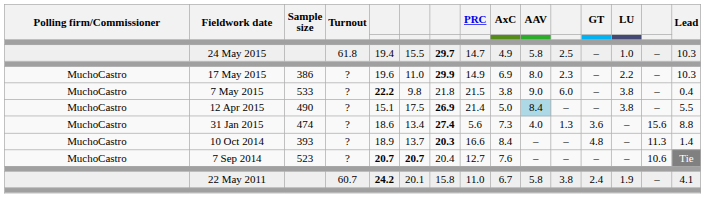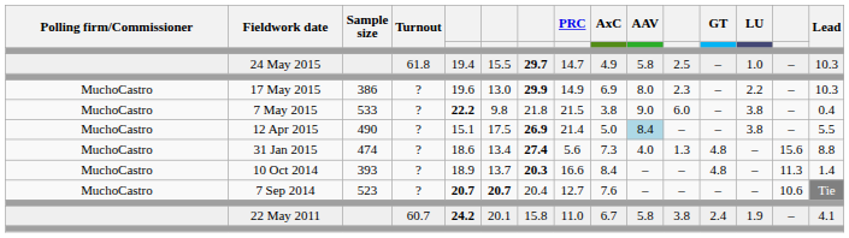 <table class="wikitable collapsible collapsed" style="text-align:center; font-size:95%; line-height:16px;">
 <tr style="height:42px;">
 <th style="width:250px;" rowspan="2">Polling firm/Commissioner</th>
 <th style="width:125px;" rowspan="2">Fieldwork date</th>
 <th style="width:50px;" rowspan="2">Sample size</th>
 <th style="width:45px;" rowspan="2">Turnout</th>
 <th style="width:35px;"></th>
 <th style="width:35px;"></th>
 <th style="width:35px;"></th>
 <th style="width:35px;"><a href='#'>PRC</a></th>
 <th style="width:35px;">AxC</th>
 <th style="width:35px;">AAV</th>
 <th style="width:35px;"></th>
 <th style="width:35px;">GT</th>
 <th style="width:35px;">LU</th>
 <th style="width:35px;"></th>
 <th style="width:30px;" rowspan="2">Lead</th>
 </tr>
 <tr>
 <th style="color:inherit;background:"></th>
 <th style="color:inherit;background:"></th>
 <th style="color:inherit;background:"></th>
 <th style="color:inherit;background:"></th>
 <th style="color:inherit;background:#538C17;"></th>
 <th style="color:inherit;background:#2BAD29;"></th>
 <th style="color:inherit;background:"></th>
 <th style="color:inherit;background:#02B3F4;"></th>
 <th style="color:inherit;background:#444875;"></th>
 <th style="color:inherit;background:"></th>
 </tr>
 <tr>
 <td colspan="15" style="background:#A0A0A0"></td>
 </tr>
 <tr style="background:#EFEFEF;">
 <td><strong></strong></td>
 <td>24 May 2015</td>
 <td></td>
 <td>61.8</td>
 <td>19.4<br></td>
 <td>15.5<br></td>
 <td><strong>29.7</strong><br></td>
 <td>14.7<br></td>
 <td>4.9<br></td>
 <td>5.8<br></td>
 <td>2.5<br></td>
 <td>–</td>
 <td>1.0<br></td>
 <td>–</td>
 <td style="background:">10.3</td>
 </tr>
 <tr>
 <td colspan="15" style="background:#A0A0A0"></td>
 </tr>
 <tr>
 <td>MuchoCastro</td>
 <td>17 May 2015</td>
 <td>386</td>
 <td>?</td>
 <td>19.6<br></td>
-<td>11.0<br></td>
+<td>13.0<br></td>
 <td><strong>29.9</strong><br></td>
 <td>14.9<br></td>
 <td>6.9<br></td>
 <td>8.0<br></td>
 <td>2.3<br></td>
 <td>–</td>
 <td>2.2<br></td>
 <td>–</td>
 <td style="background:">10.3</td>
 </tr>
 <tr>
 <td>MuchoCastro</td>
 <td>7 May 2015</td>
 <td>533</td>
 <td>?</td>
 <td><strong>22.2</strong><br></td>
 <td>9.8<br></td>
 <td>21.8<br></td>
 <td>21.5<br></td>
 <td>3.8<br></td>
 <td>9.0<br></td>
 <td>6.0<br></td>
 <td>–</td>
 <td>3.8<br></td>
 <td>–</td>
 <td style="background:">0.4</td>
 </tr>
 <tr>
 <td>MuchoCastro</td>
 <td>12 Apr 2015</td>
 <td>490</td>
 <td>?</td>
 <td>15.1<br></td>
 <td>17.5<br></td>
 <td><strong>26.9</strong><br></td>
 <td>21.4<br></td>
 <td>5.0<br></td>
 <td style="background: lightblue;">8.4<br></td>
 <td>–</td>
 <td>–</td>
 <td>3.8<br></td>
 <td>–</td>
 <td style="background:">5.5</td>
 </tr>
 <tr>
 <td>MuchoCastro</td>
 <td>31 Jan 2015</td>
 <td>474</td>
 <td>?</td>
 <td>18.6<br></td>
 <td>13.4<br></td>
 <td><strong>27.4</strong><br></td>
 <td>5.6<br></td>
 <td>7.3<br></td>
 <td>4.0<br></td>
 <td>1.3<br></td>
-<td>3.6<br></td>
+<td>4.8<br></td>
 <td>–</td>
 <td>15.6<br></td>
 <td style="background:">8.8</td>
 </tr>
 <tr>
 <td>MuchoCastro</td>
 <td>10 Oct 2014</td>
 <td>393</td>
 <td>?</td>
 <td>18.9<br></td>
 <td>13.7<br></td>
 <td><strong>20.3</strong><br></td>
 <td>16.6<br></td>
 <td>8.4<br></td>
 <td>–</td>
 <td>–</td>
 <td>4.8<br></td>
 <td>–</td>
 <td>11.3<br></td>
 <td style="background:">1.4</td>
 </tr>
 <tr>
 <td>MuchoCastro</td>
 <td>7 Sep 2014</td>
 <td>523</td>
 <td>?</td>
 <td><strong>20.7</strong><br></td>
 <td><strong>20.7</strong><br></td>
 <td>20.4<br></td>
 <td>12.7<br></td>
 <td>7.6<br></td>
 <td>–</td>
 <td>–</td>
 <td>–</td>
 <td>–</td>
 <td>10.6<br></td>
 <td style="background:gray; color:white;">Tie</td>
 </tr>
 <tr>
 <td colspan="15" style="background:#A0A0A0"></td>
 </tr>
 <tr style="background:#EFEFEF;">
 <td><strong></strong></td>
 <td>22 May 2011</td>
 <td></td>
 <td>60.7</td>
 <td><strong>24.2</strong><br></td>
 <td>20.1<br></td>
 <td>15.8<br></td>
 <td>11.0<br></td>
 <td>6.7<br></td>
 <td>5.8<br></td>
 <td>3.8<br></td>
 <td>2.4<br></td>
 <td>1.9<br></td>
 <td>–</td>
 <td style="background:">4.1</td>
 </tr>
 <tr>
 <td colspan="15" style="background:#A0A0A0"></td>
 </tr>
 </table>
